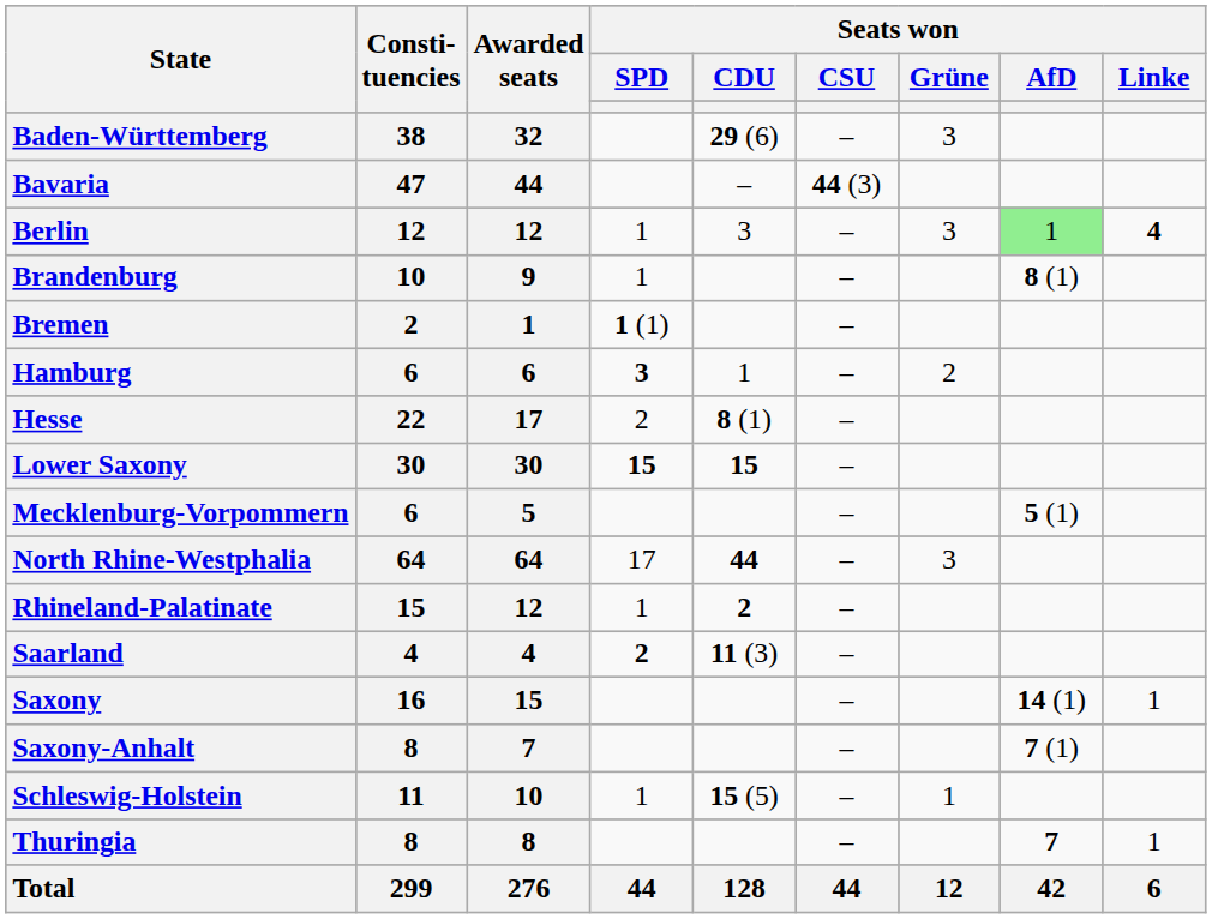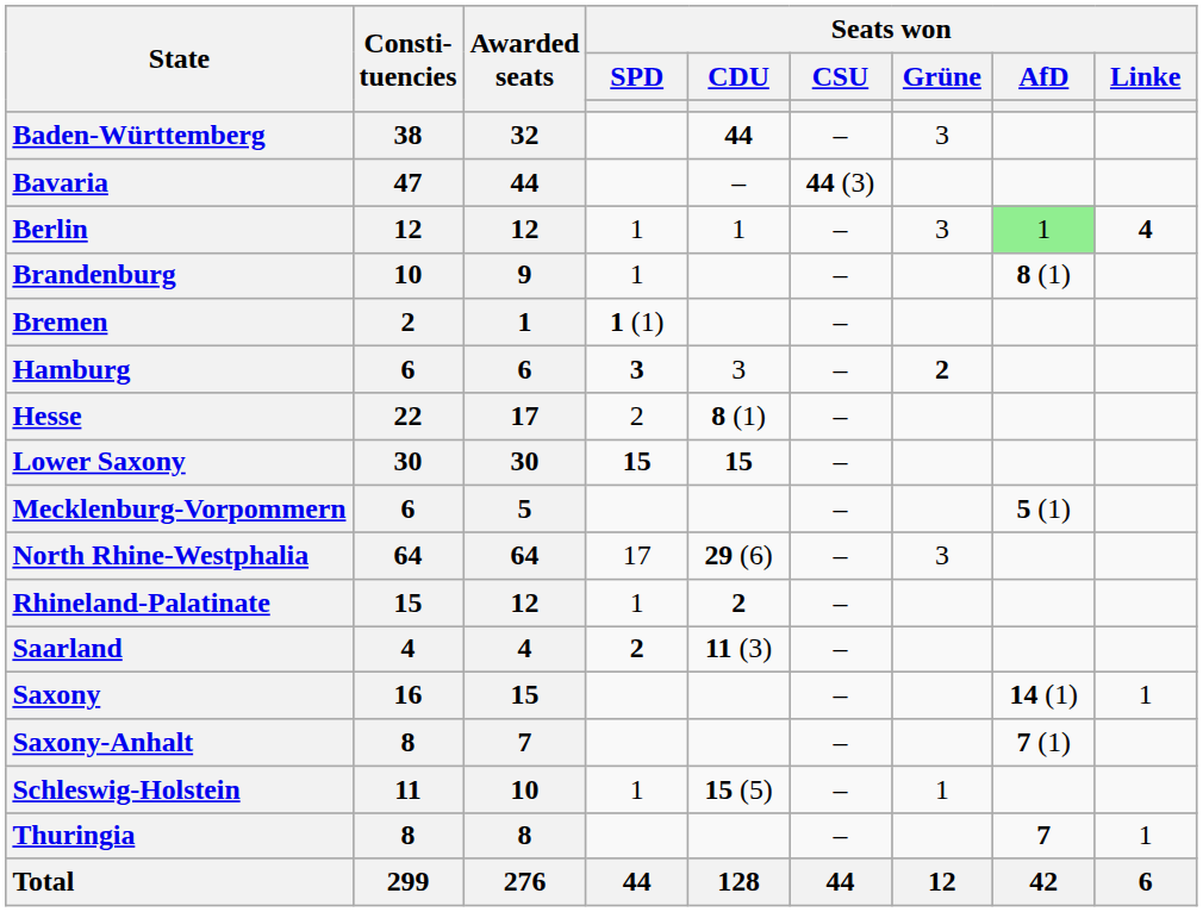 <table class="wikitable" style="text-align:center; font-size: 0.9em;">
 <tr>
 <th rowspan="3">State</th>
 <th rowspan="3">Consti-<br>tuencies</th>
 <th rowspan="3">Awarded<br>seats</th>
 <th colspan="6">Seats won</th>
 </tr>
 <tr>
 <th class="unsortable" style="width:45px;"><a href='#'>SPD</a></th>
 <th class="unsortable" style="width:45px;"><a href='#'>CDU</a></th>
 <th class="unsortable" style="width:45px;"><a href='#'>CSU</a></th>
 <th class="unsortable" style="width:45px;"><a href='#'>Grüne</a></th>
 <th class="unsortable" style="width:45px;"><a href='#'>AfD</a></th>
 <th class="unsortable" style="width:45px;"><a href='#'>Linke</a></th>
 </tr>
 <tr>
 <th style="background:"></th>
 <th style="background:"></th>
 <th style="background:"></th>
 <th style="background:"></th>
 <th style="background:"></th>
 <th style="background:"></th>
 </tr>
 <tr>
 <th style="text-align: left;"><a href='#'>Baden-Württemberg</a></th>
 <th>38</th>
 <th>32</th>
 <td></td>
-<td><strong>29</strong> (6)</td>
+<td><strong>44</strong></td>
 <td>–</td>
 <td>3</td>
 <td></td>
 <td></td>
 </tr>
 <tr>
 <th style="text-align: left;"><a href='#'>Bavaria</a></th>
 <th>47</th>
 <th>44</th>
 <td></td>
 <td>–</td>
 <td><strong>44</strong> (3)</td>
 <td></td>
 <td></td>
 <td></td>
 </tr>
 <tr>
 <th style="text-align: left;"><a href='#'>Berlin</a></th>
 <th>12</th>
 <th>12</th>
 <td>1</td>
-<td>3</td>
+<td>1</td>
 <td>–</td>
 <td>3</td>
 <td style="background: lightgreen;">1</td>
 <td><strong>4</strong></td>
 </tr>
 <tr>
 <th style="text-align: left;"><a href='#'>Brandenburg</a></th>
 <th>10</th>
 <th>9</th>
 <td>1</td>
 <td></td>
 <td>–</td>
 <td></td>
 <td><strong>8</strong> (1)</td>
 <td></td>
 </tr>
 <tr>
 <th style="text-align: left;"><a href='#'>Bremen</a></th>
 <th>2</th>
 <th>1</th>
 <td><strong>1</strong> (1)</td>
 <td></td>
 <td>–</td>
 <td></td>
 <td></td>
 <td></td>
 </tr>
 <tr>
 <th style="text-align: left;"><a href='#'>Hamburg</a></th>
 <th>6</th>
 <th>6</th>
 <td><strong>3</strong></td>
-<td>1</td>
+<td>3</td>
 <td>–</td>
-<td>2</td>
+<td><strong>2</strong></td>
 <td></td>
 <td></td>
 </tr>
 <tr>
 <th style="text-align: left;"><a href='#'>Hesse</a></th>
 <th>22</th>
 <th>17</th>
 <td>2</td>
 <td><strong>8</strong> (1)</td>
 <td>–</td>
 <td></td>
 <td></td>
 <td></td>
 </tr>
 <tr>
 <th style="text-align: left;"><a href='#'>Lower Saxony</a></th>
 <th>30</th>
 <th>30</th>
 <td><strong>15</strong></td>
 <td><strong>15</strong></td>
 <td>–</td>
 <td></td>
 <td></td>
 <td></td>
 </tr>
 <tr>
 <th style="text-align: left;"><a href='#'>Mecklenburg-Vorpommern</a></th>
 <th>6</th>
 <th>5</th>
 <td></td>
 <td></td>
 <td>–</td>
 <td></td>
 <td><strong>5</strong> (1)</td>
 <td></td>
 </tr>
 <tr>
 <th style="text-align: left;"><a href='#'>North Rhine-Westphalia</a></th>
 <th>64</th>
 <th>64</th>
 <td>17</td>
-<td><strong>44</strong></td>
+<td><strong>29</strong> (6)</td>
 <td>–</td>
 <td>3</td>
 <td></td>
 <td></td>
 </tr>
 <tr>
 <th style="text-align: left;"><a href='#'>Rhineland-Palatinate</a></th>
 <th>15</th>
 <th>12</th>
 <td>1</td>
 <td><strong>2</strong></td>
 <td>–</td>
 <td></td>
 <td></td>
 <td></td>
 </tr>
 <tr>
 <th style="text-align: left;"><a href='#'>Saarland</a></th>
 <th>4</th>
 <th>4</th>
 <td><strong>2</strong></td>
 <td><strong>11</strong> (3)</td>
 <td>–</td>
 <td></td>
 <td></td>
 <td></td>
 </tr>
 <tr>
 <th style="text-align: left;"><a href='#'>Saxony</a></th>
 <th>16</th>
 <th>15</th>
 <td></td>
 <td></td>
 <td>–</td>
 <td></td>
 <td><strong>14</strong> (1)</td>
 <td>1</td>
 </tr>
 <tr>
 <th style="text-align: left;"><a href='#'>Saxony-Anhalt</a></th>
 <th>8</th>
 <th>7</th>
 <td></td>
 <td></td>
 <td>–</td>
 <td></td>
 <td><strong>7</strong> (1)</td>
 <td></td>
 </tr>
 <tr>
 <th style="text-align: left;"><a href='#'>Schleswig-Holstein</a></th>
 <th>11</th>
 <th>10</th>
 <td>1</td>
 <td><strong>15</strong> (5)</td>
 <td>–</td>
 <td>1</td>
 <td></td>
 <td></td>
 </tr>
 <tr>
 <th style="text-align: left;"><a href='#'>Thuringia</a></th>
 <th>8</th>
 <th>8</th>
 <td></td>
 <td></td>
 <td>–</td>
 <td></td>
 <td><strong>7</strong></td>
 <td>1</td>
 </tr>
 <tr class="sortbottom">
 <th style="text-align: left;">Total</th>
 <th>299</th>
 <th>276</th>
 <th>44</th>
 <th>128</th>
 <th>44</th>
 <th>12</th>
 <th>42</th>
 <th>6</th>
 </tr>
 </table>
